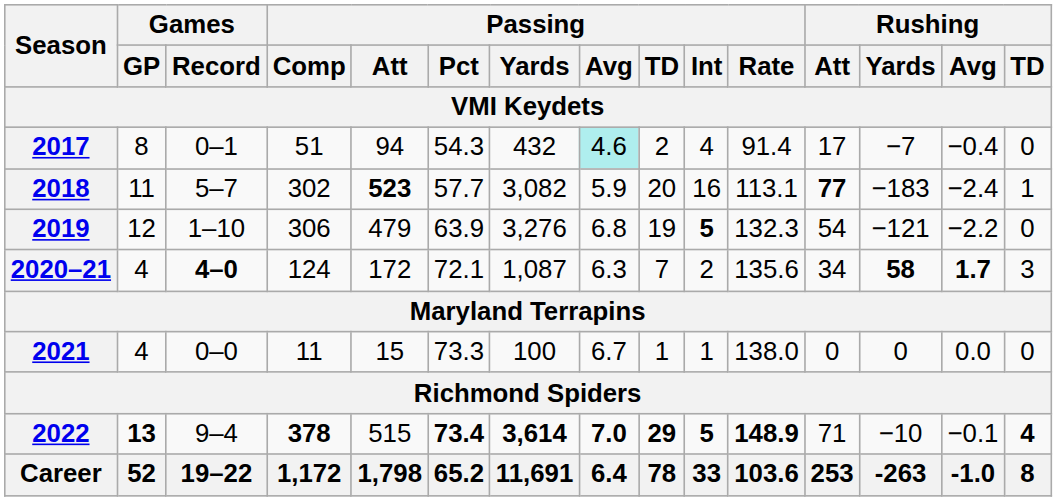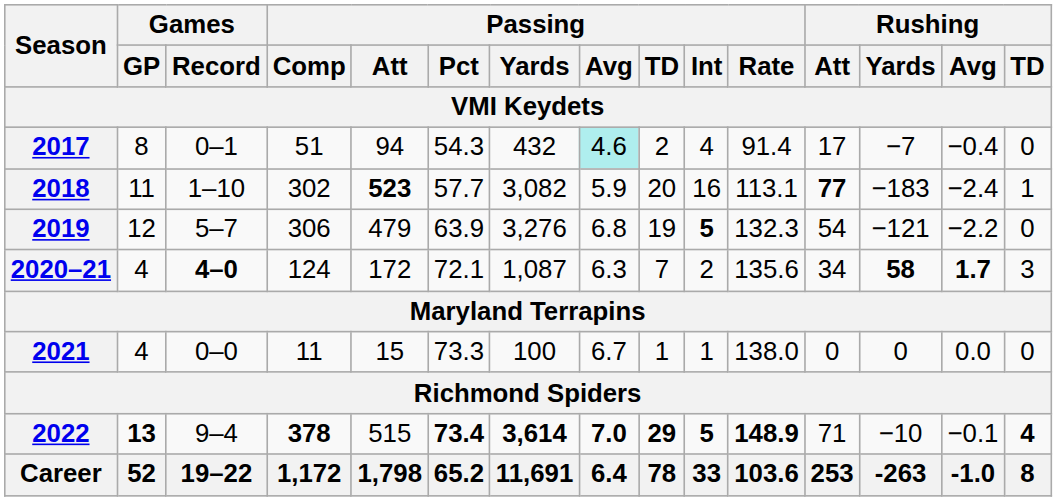 <table class="wikitable" style="text-align:center;">
 <tr>
 <th rowspan="2">Season</th>
 <th colspan="2">Games</th>
 <th colspan="8">Passing</th>
 <th colspan="4">Rushing</th>
 </tr>
 <tr>
 <th>GP</th>
 <th>Record</th>
 <th>Comp</th>
 <th>Att</th>
 <th>Pct</th>
 <th>Yards</th>
 <th>Avg</th>
 <th>TD</th>
 <th>Int</th>
 <th>Rate</th>
 <th>Att</th>
 <th>Yards</th>
 <th>Avg</th>
 <th>TD</th>
 </tr>
 <tr>
 <th colspan="16">VMI Keydets</th>
 </tr>
 <tr>
 <th><a href='#'>2017</a></th>
 <td>8</td>
 <td>0–1</td>
 <td>51</td>
 <td>94</td>
 <td>54.3</td>
 <td>432</td>
 <td style="background: paleturquoise;">4.6</td>
 <td>2</td>
 <td>4</td>
 <td>91.4</td>
 <td>17</td>
 <td>−7</td>
 <td>−0.4</td>
 <td>0</td>
 </tr>
 <tr>
 <th><a href='#'>2018</a></th>
 <td>11</td>
-<td>5–7</td>
+<td>1–10</td>
 <td>302</td>
 <td><strong>523</strong></td>
 <td>57.7</td>
 <td>3,082</td>
 <td>5.9</td>
 <td>20</td>
 <td>16</td>
 <td>113.1</td>
 <td><strong>77</strong></td>
 <td>−183</td>
 <td>−2.4</td>
 <td>1</td>
 </tr>
 <tr>
 <th><a href='#'>2019</a></th>
 <td>12</td>
-<td>1–10</td>
+<td>5–7</td>
 <td>306</td>
 <td>479</td>
 <td>63.9</td>
 <td>3,276</td>
 <td>6.8</td>
 <td>19</td>
 <td><strong>5</strong></td>
 <td>132.3</td>
 <td>54</td>
 <td>−121</td>
 <td>−2.2</td>
 <td>0</td>
 </tr>
 <tr>
 <th><a href='#'>2020–21</a></th>
 <td>4</td>
 <td><strong>4–0</strong></td>
 <td>124</td>
 <td>172</td>
 <td>72.1</td>
 <td>1,087</td>
 <td>6.3</td>
 <td>7</td>
 <td>2</td>
 <td>135.6</td>
 <td>34</td>
 <td><strong>58</strong></td>
 <td><strong>1.7</strong></td>
 <td>3</td>
 </tr>
 <tr>
 <th colspan="16">Maryland Terrapins</th>
 </tr>
 <tr>
 <th><a href='#'>2021</a></th>
 <td>4</td>
 <td>0–0</td>
 <td>11</td>
 <td>15</td>
 <td>73.3</td>
 <td>100</td>
 <td>6.7</td>
 <td>1</td>
 <td>1</td>
 <td>138.0</td>
 <td>0</td>
 <td>0</td>
 <td>0.0</td>
 <td>0</td>
 </tr>
 <tr>
 <th colspan="16">Richmond Spiders</th>
 </tr>
 <tr>
 <th><a href='#'>2022</a></th>
 <td><strong>13</strong></td>
 <td>9–4</td>
 <td><strong>378</strong></td>
 <td>515</td>
 <td><strong>73.4</strong></td>
 <td><strong>3,614</strong></td>
 <td><strong>7.0</strong></td>
 <td><strong>29</strong></td>
 <td><strong>5</strong></td>
 <td><strong>148.9</strong></td>
 <td>71</td>
 <td>−10</td>
 <td>−0.1</td>
 <td><strong>4</strong></td>
 </tr>
 <tr>
 <th>Career</th>
 <th>52</th>
 <th>19–22</th>
 <th>1,172</th>
 <th>1,798</th>
 <th>65.2</th>
 <th>11,691</th>
 <th>6.4</th>
 <th>78</th>
 <th>33</th>
 <th>103.6</th>
 <th>253</th>
 <th>-263</th>
 <th>-1.0</th>
 <th>8</th>
 </tr>
 </table>
